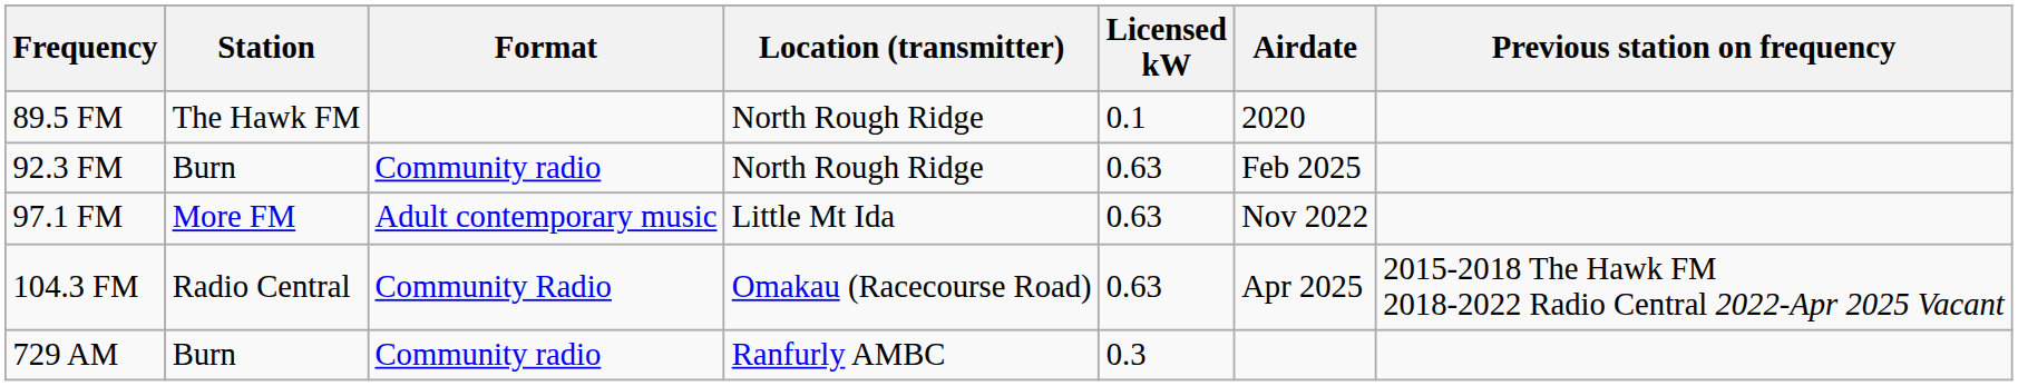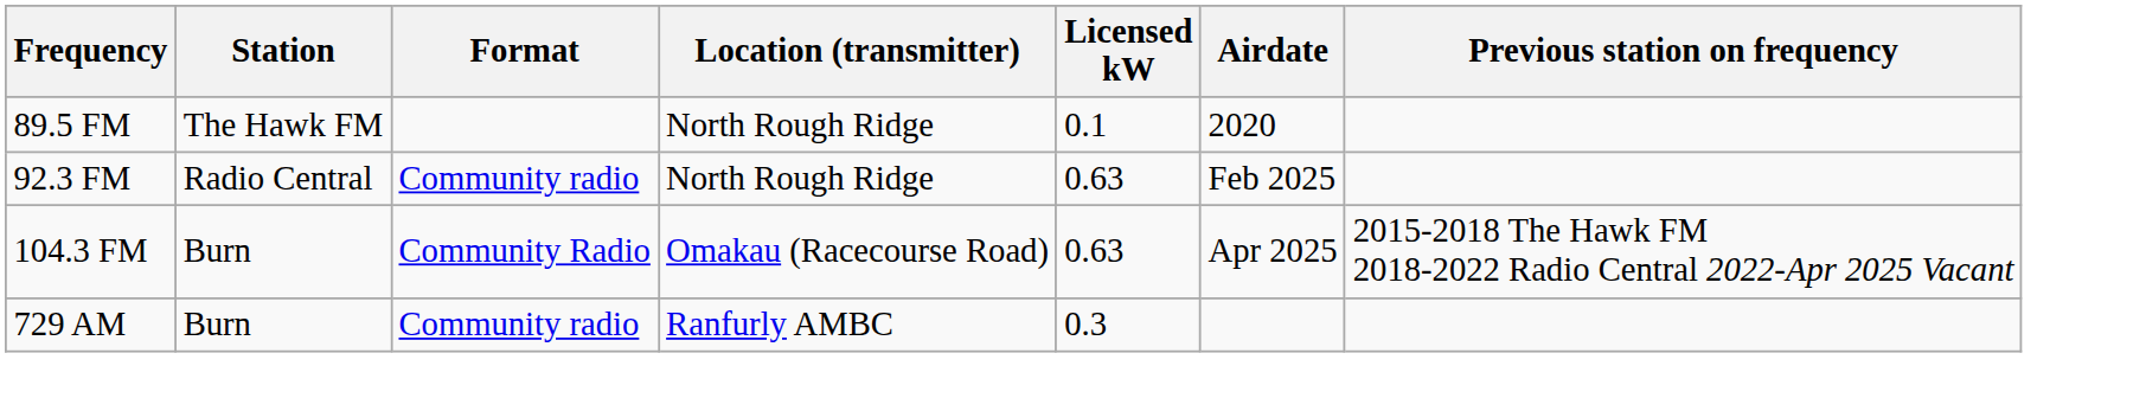 <table class="wikitable sortable defaultleft col5right">
 <tr>
 <th>Frequency</th>
 <th>Station</th>
 <th>Format</th>
 <th>Location (transmitter)</th>
 <th>Licensed<br>kW</th>
 <th>Airdate</th>
 <th>Previous station on frequency</th>
 </tr>
 <tr>
 <td>89.5 FM</td>
 <td>The Hawk FM</td>
 <td></td>
 <td>North Rough Ridge</td>
 <td>0.1</td>
 <td>2020</td>
 <td></td>
 </tr>
 <tr>
 <td>92.3 FM</td>
-<td>Burn</td>
+<td>Radio Central</td>
 <td><a href='#'>Community radio</a></td>
 <td>North Rough Ridge</td>
 <td>0.63</td>
 <td>Feb 2025</td>
 <td></td>
 </tr>
 <tr>
-<td>97.1 FM</td>
-<td><a href='#'>More FM</a></td>
-<td><a href='#'>Adult contemporary music</a></td>
-<td>Little Mt Ida</td>
-<td>0.63</td>
-<td>Nov 2022</td>
-<td></td>
-</tr>
-<tr>
 <td>104.3 FM</td>
-<td>Radio Central</td>
+<td>Burn</td>
 <td><a href='#'>Community Radio</a></td>
 <td><a href='#'>Omakau</a> (Racecourse Road)</td>
 <td>0.63</td>
 <td>Apr 2025</td>
 <td>2015-2018 The Hawk FM<br>2018-2022 Radio Central <em>2022-Apr 2025 Vacant</em></td>
 </tr>
 <tr>
 <td>729 AM</td>
 <td>Burn</td>
 <td><a href='#'>Community radio</a></td>
 <td><a href='#'>Ranfurly</a> AMBC</td>
 <td>0.3</td>
 <td></td>
 <td></td>
 </tr>
 </table>
